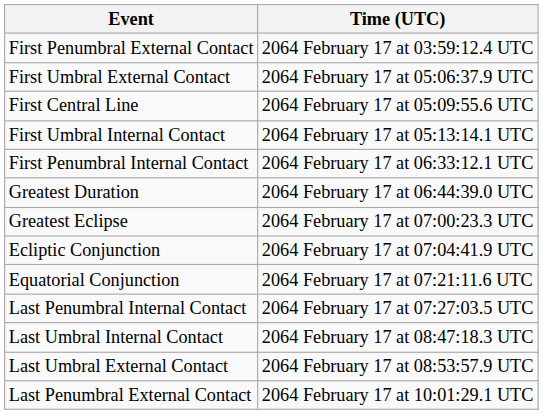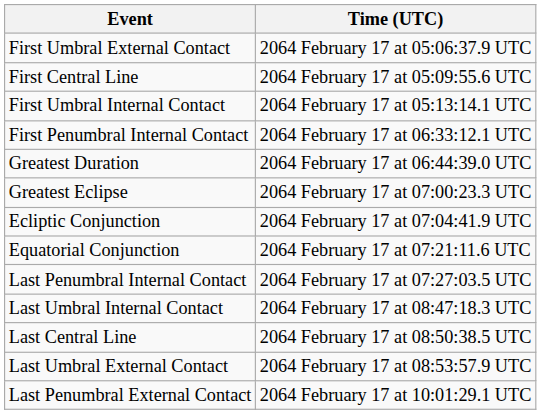 <table class="wikitable">
 <tr>
 <th>Event</th>
 <th>Time (UTC)</th>
-</tr>
-<tr>
-<td>First Penumbral External Contact</td>
-<td>2064 February 17 at 03:59:12.4 UTC</td>
 </tr>
 <tr>
 <td>First Umbral External Contact</td>
 <td>2064 February 17 at 05:06:37.9 UTC</td>
 </tr>
 <tr>
 <td>First Central Line</td>
 <td>2064 February 17 at 05:09:55.6 UTC</td>
 </tr>
 <tr>
 <td>First Umbral Internal Contact</td>
 <td>2064 February 17 at 05:13:14.1 UTC</td>
 </tr>
 <tr>
 <td>First Penumbral Internal Contact</td>
 <td>2064 February 17 at 06:33:12.1 UTC</td>
 </tr>
 <tr>
 <td>Greatest Duration</td>
 <td>2064 February 17 at 06:44:39.0 UTC</td>
 </tr>
 <tr>
 <td>Greatest Eclipse</td>
 <td>2064 February 17 at 07:00:23.3 UTC</td>
 </tr>
 <tr>
 <td>Ecliptic Conjunction</td>
 <td>2064 February 17 at 07:04:41.9 UTC</td>
 </tr>
 <tr>
 <td>Equatorial Conjunction</td>
 <td>2064 February 17 at 07:21:11.6 UTC</td>
 </tr>
 <tr>
 <td>Last Penumbral Internal Contact</td>
 <td>2064 February 17 at 07:27:03.5 UTC</td>
 </tr>
 <tr>
 <td>Last Umbral Internal Contact</td>
 <td>2064 February 17 at 08:47:18.3 UTC</td>
 </tr>
 <tr>
+<td>Last Central Line</td>
+<td>2064 February 17 at 08:50:38.5 UTC</td>
+</tr>
+<tr>
 <td>Last Umbral External Contact</td>
 <td>2064 February 17 at 08:53:57.9 UTC</td>
 </tr>
 <tr>
 <td>Last Penumbral External Contact</td>
 <td>2064 February 17 at 10:01:29.1 UTC</td>
 </tr>
 </table>
